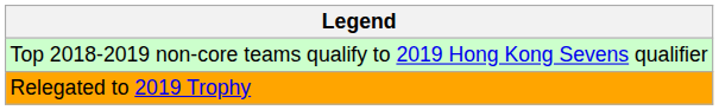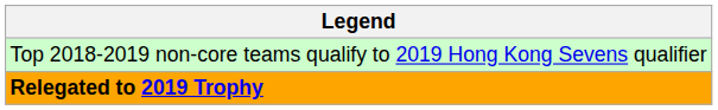 <table class="wikitable">
 <tr>
 <th>Legend</th>
 </tr>
 <tr bgcolor=ccffcc>
 <td>Top 2018-2019 non-core teams qualify to <a href='#'>2019 Hong Kong Sevens</a> qualifier</td>
 </tr>
 <tr bgcolor=FFA500>
-<td>Relegated to  <a href='#'>2019 Trophy</a></td>
+<td><strong>Relegated to  <a href='#'>2019 Trophy</a></strong></td>
 </tr>
 </table>
